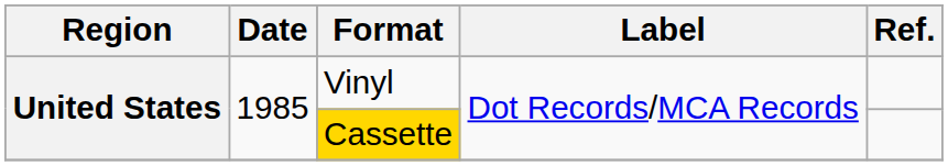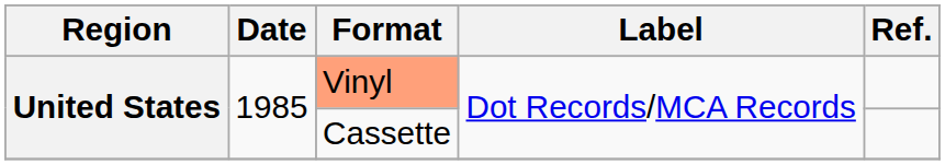 <table class="wikitable plainrowheaders">
 <tr>
 <th scope="col">Region</th>
 <th scope="col">Date</th>
 <th scope="col">Format</th>
 <th scope="col">Label</th>
 <th scope="col">Ref.</th>
 </tr>
 <tr>
 <th scope="row" rowspan="2">United States</th>
 <td rowspan="2">1985</td>
-<td>Vinyl</td>
+<td style="background: lightsalmon;">Vinyl</td>
 <td rowspan="2"><a href='#'>Dot Records</a>/<a href='#'>MCA Records</a></td>
 <td></td>
 </tr>
 <tr>
-<td style="background: gold;">Cassette</td>
+<td>Cassette</td>
 <td></td>
 </tr>
 <tr>
 </tr>
 </table>
